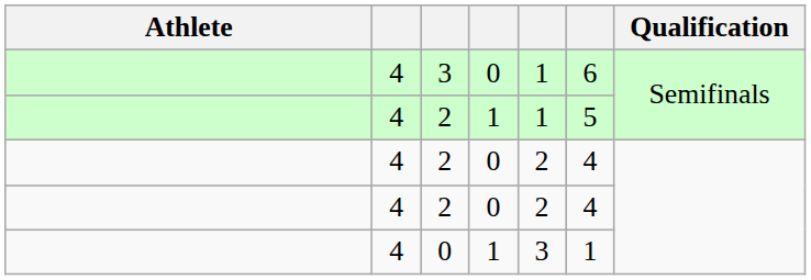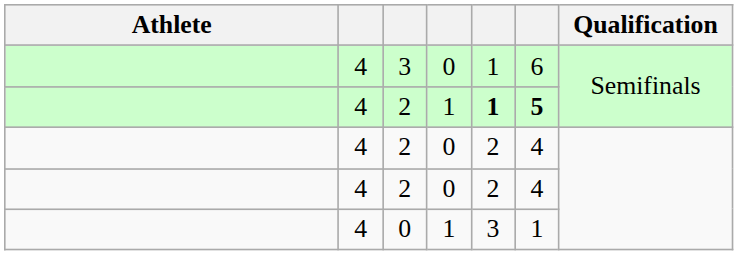 <table class="wikitable sortable" style="text-align:center">
 <tr>
 <th width=200>Athlete</th>
 <th width=20></th>
 <th width=20></th>
 <th width=20></th>
 <th width=20></th>
 <th width=20></th>
 <th width=100>Qualification</th>
 </tr>
 <tr bgcolor="#ccffcc">
 <td style="text-align:left;"></td>
 <td>4</td>
 <td>3</td>
 <td>0</td>
 <td>1</td>
 <td>6</td>
 <td rowspan=2>Semifinals</td>
 </tr>
 <tr bgcolor="#ccffcc">
 <td style="text-align:left;"></td>
 <td>4</td>
 <td>2</td>
 <td>1</td>
-<td>1</td>
-<td>5</td>
+<td><strong>1</strong></td>
+<td><strong>5</strong></td>
 </tr>
 <tr>
 <td style="text-align:left;"></td>
 <td>4</td>
 <td>2</td>
 <td>0</td>
 <td>2</td>
 <td>4</td>
 <td rowspan="3"></td>
 </tr>
 <tr>
 <td style="text-align:left;"></td>
 <td>4</td>
 <td>2</td>
 <td>0</td>
 <td>2</td>
 <td>4</td>
 </tr>
 <tr>
 <td style="text-align:left;"></td>
 <td>4</td>
 <td>0</td>
 <td>1</td>
 <td>3</td>
 <td>1</td>
 </tr>
 </table>
